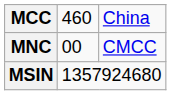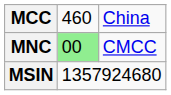 <table class="wikitable">
 <tr>
 <th>MCC</th>
 <td>460</td>
 <td><a href='#'>China</a></td>
 </tr>
 <tr>
 <th>MNC</th>
-<td>00</td>
+<td style="background: lightgreen;">00</td>
 <td><a href='#'>CMCC</a> </td>
 </tr>
 <tr>
 <th>MSIN</th>
 <td colspan=2>1357924680</td>
 </tr>
 </table>
